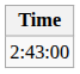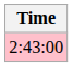 <table class="wikitable" border="1" align="upright">
 <tr>
 <th>Time</th>
 </tr>
 <tr>
-<td>2:43:00</td>
+<td style="background: pink;">2:43:00</td>
 </tr>
 </table>
